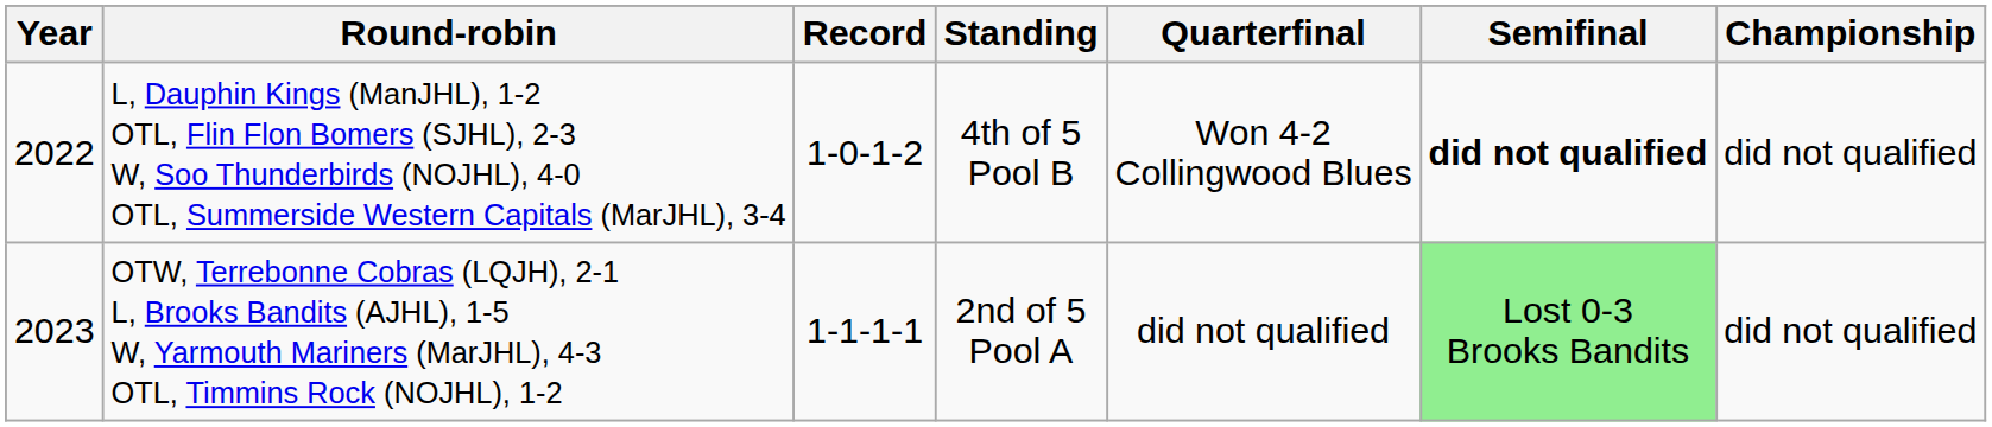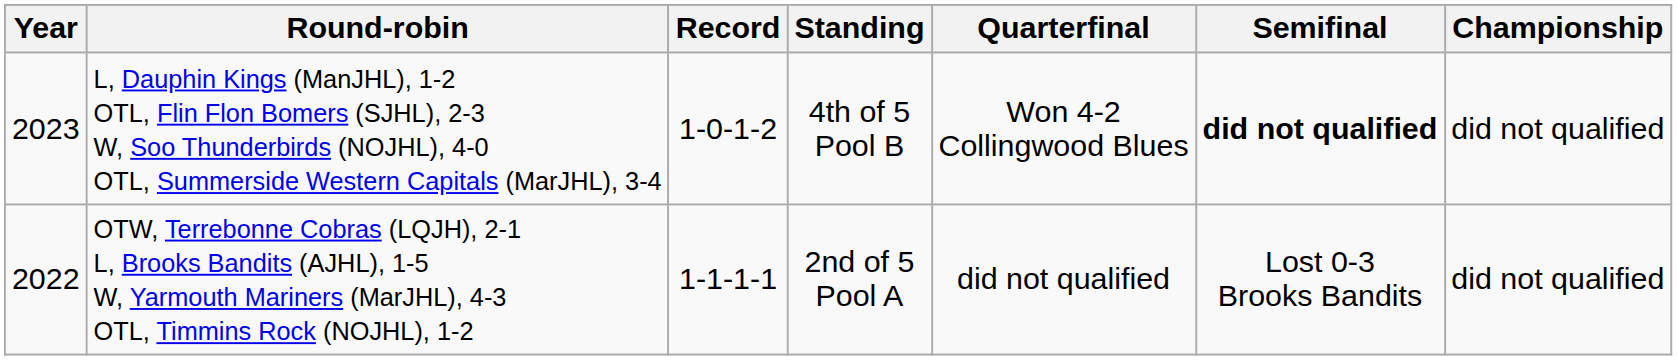 <table class="wikitable" style="text-align:center;">
 <tr>
 <th>Year</th>
 <th>Round-robin</th>
 <th>Record</th>
 <th>Standing</th>
 <th>Quarterfinal</th>
 <th>Semifinal</th>
 <th>Championship</th>
 </tr>
 <tr>
-<td>2022</td>
+<td>2023</td>
 <td align=left><small>L, <a href='#'>Dauphin Kings</a> (ManJHL), 1-2<br>OTL, <a href='#'>Flin Flon Bomers</a> (SJHL), 2-3<br>W, <a href='#'>Soo Thunderbirds</a> (NOJHL), 4-0<br>OTL, <a href='#'>Summerside Western Capitals</a> (MarJHL), 3-4</small></td>
 <td>1-0-1-2</td>
 <td>4th of 5 <br>Pool B</td>
 <td>Won 4-2<br>Collingwood Blues</td>
 <td><strong>did not qualified</strong></td>
 <td>did not qualified</td>
 </tr>
 <tr>
-<td>2023</td>
+<td>2022</td>
 <td align=left><small>OTW, <a href='#'>Terrebonne Cobras</a> (LQJH), 2-1<br>L, <a href='#'>Brooks Bandits</a> (AJHL), 1-5<br>W, <a href='#'>Yarmouth Mariners</a> (MarJHL), 4-3<br>OTL, <a href='#'>Timmins Rock</a> (NOJHL), 1-2</small></td>
 <td>1-1-1-1</td>
 <td>2nd of 5 <br>Pool A</td>
 <td>did not qualified</td>
-<td style="background: lightgreen;">Lost 0-3<br>Brooks Bandits</td>
+<td>Lost 0-3<br>Brooks Bandits</td>
 <td>did not qualified</td>
 </tr>
 </table>
